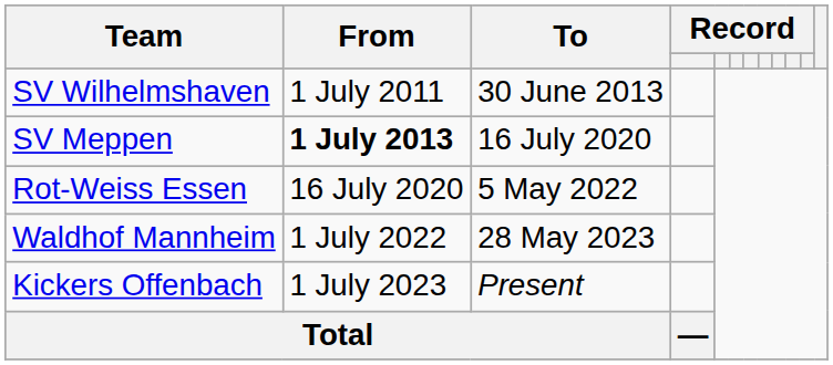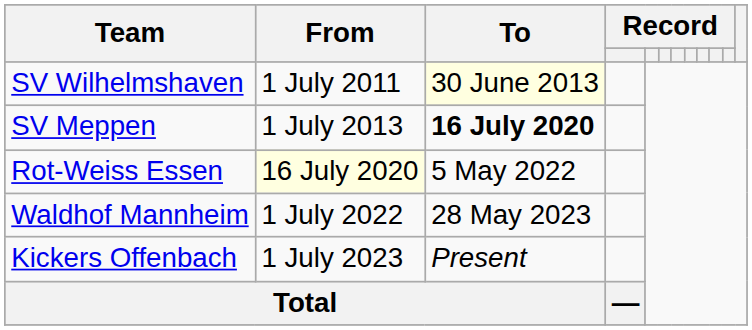 <table class="wikitable" style="text-align: center">
 <tr>
 <th rowspan="2">Team</th>
 <th rowspan="2">From</th>
 <th rowspan="2">To</th>
 <th colspan="8">Record</th>
 <th rowspan=2></th>
 </tr>
 <tr>
 <th></th>
 <th></th>
 <th></th>
 <th></th>
 <th></th>
 <th></th>
 <th></th>
 <th></th>
 </tr>
 <tr>
 <td align=left><a href='#'>SV Wilhelmshaven</a></td>
 <td align=left>1 July 2011</td>
-<td align=left>30 June 2013<br></td>
+<td align=left style="background: lightyellow;">30 June 2013<br></td>
 <td></td>
 </tr>
 <tr>
 <td align=left><a href='#'>SV Meppen</a></td>
-<td align=left><strong>1 July 2013</strong></td>
-<td align=left>16 July 2020<br></td>
+<td align=left>1 July 2013</td>
+<td align=left><strong>16 July 2020<br></strong></td>
 <td></td>
 </tr>
 <tr>
 <td align=left><a href='#'>Rot-Weiss Essen</a></td>
-<td align=left>16 July 2020</td>
+<td align=left style="background: lightyellow;">16 July 2020</td>
 <td align=left>5 May 2022<br></td>
 <td></td>
 </tr>
 <tr>
 <td align=left><a href='#'>Waldhof Mannheim</a></td>
 <td align=left>1 July 2022</td>
 <td align=left>28 May 2023<br></td>
 <td></td>
 </tr>
 <tr>
 <td align=left><a href='#'>Kickers Offenbach</a></td>
 <td align=left>1 July 2023</td>
 <td align=left><em>Present</em><br></td>
 <td></td>
 </tr>
 <tr>
 <th colspan="3">Total<br></th>
 <th>—</th>
 </tr>
 </table>
